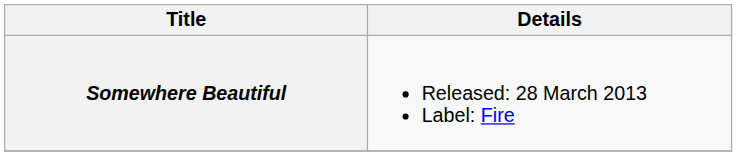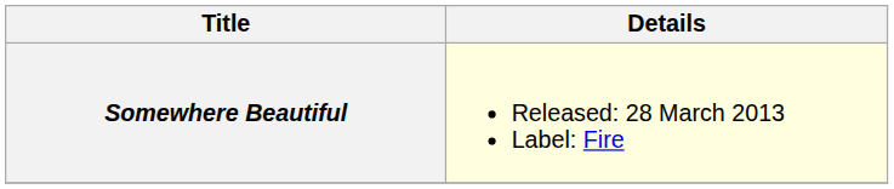 <table class="wikitable plainrowheaders">
 <tr>
 <th scope="col" style="width:18em;">Title</th>
 <th scope="col" style="width:18em;">Details</th>
 </tr>
 <tr>
 <th scope="row"><em>Somewhere Beautiful</em></th>
-<td><br><ul><li>Released: 28 March 2013</li><li>Label: <a href='#'>Fire</a> </li></ul></td>
+<td style="background: lightyellow;"><br><ul><li>Released: 28 March 2013</li><li>Label: <a href='#'>Fire</a> </li></ul></td>
 </tr>
 <tr>
 </tr>
 </table>
